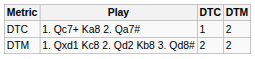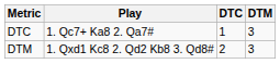 <table class="wikitable">
 <tr>
 <th>Metric</th>
 <th>Play</th>
 <th>DTC</th>
 <th>DTM</th>
 </tr>
 <tr>
 <td>DTC</td>
 <td>1. Qc7+ Ka8 2. Qa7#</td>
 <td>1</td>
-<td>2</td>
+<td>3</td>
 </tr>
 <tr>
 <td>DTM</td>
 <td>1. Qxd1 Kc8 2. Qd2 Kb8 3. Qd8#</td>
 <td>2</td>
-<td>2</td>
+<td>3</td>
 </tr>
 </table>
